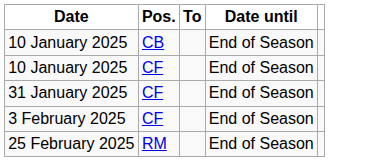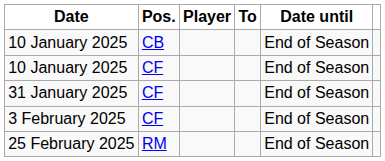 <table class="wikitable plainrowheaders sortable">
 <tr>
 <th style="background-color:white;">Date</th>
 <th style="background-color:white;">Pos.</th>
+<th style="background-color:white;">Player</th>
 <th style="background-color:white;">To</th>
 <th style="background-color:white;">Date until</th>
 <th style="background-color:white;"></th>
 </tr>
 <tr>
 <td>10 January 2025</td>
 <td><a href='#'>CB</a></td>
 <td></td>
+<td></td>
 <td>End of Season</td>
 <td></td>
 </tr>
 <tr>
 <td>10 January 2025</td>
 <td><a href='#'>CF</a></td>
+<td></td>
 <td></td>
 <td>End of Season</td>
 <td></td>
 </tr>
 <tr>
 <td>31 January 2025</td>
 <td><a href='#'>CF</a></td>
 <td></td>
+<td></td>
 <td>End of Season</td>
 <td></td>
 </tr>
 <tr>
 <td>3 February 2025</td>
 <td><a href='#'>CF</a></td>
+<td></td>
 <td></td>
 <td>End of Season</td>
 <td></td>
 </tr>
 <tr>
 <td>25 February 2025</td>
 <td><a href='#'>RM</a></td>
 <td></td>
+<td></td>
 <td>End of Season</td>
 <td></td>
 </tr>
 </table>
